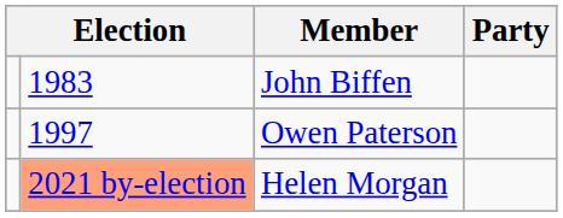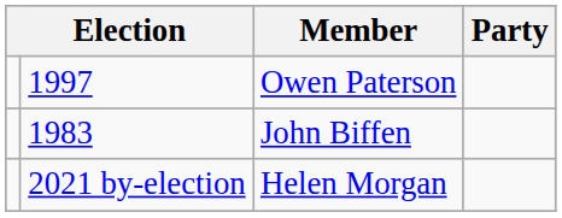 <table class="wikitable">
 <tr>
 <th colspan="2">Election</th>
 <th>Member</th>
 <th>Party</th>
+</tr>
+<tr>
+<td style="color:inherit;background-color: "></td>
+<td><a href='#'>1997</a></td>
+<td><a href='#'>Owen Paterson</a></td>
+<td></td>
 </tr>
 <tr>
 <td style="color:inherit;background-color: "></td>
 <td><a href='#'>1983</a></td>
 <td><a href='#'>John Biffen</a></td>
 <td></td>
 </tr>
 <tr>
 <td style="color:inherit;background-color: "></td>
-<td><a href='#'>1997</a></td>
-<td><a href='#'>Owen Paterson</a></td>
-<td></td>
-</tr>
-<tr>
-<td style="color:inherit;background-color: "></td>
-<td style="background: lightsalmon;"><a href='#'>2021 by-election</a></td>
+<td><a href='#'>2021 by-election</a></td>
 <td><a href='#'>Helen Morgan</a></td>
 <td></td>
 </tr>
 </table>
